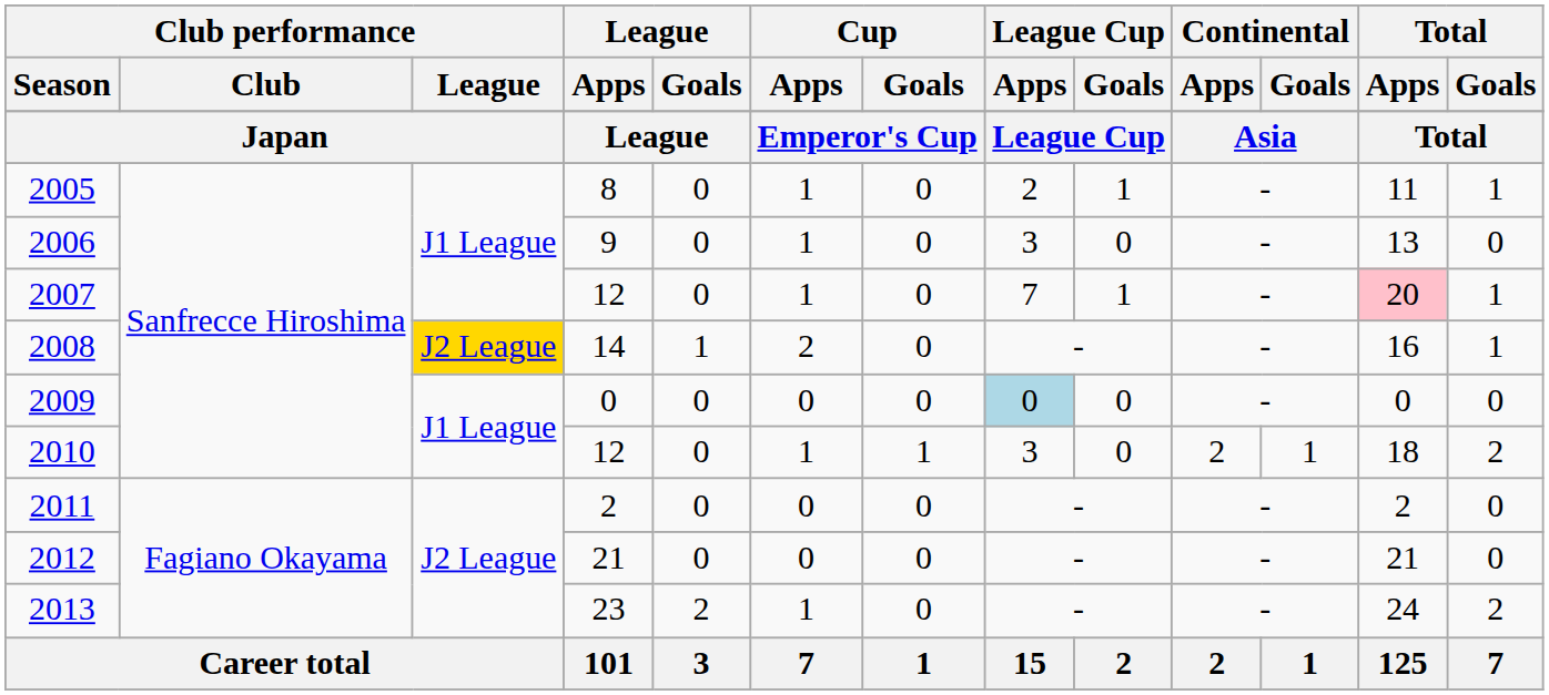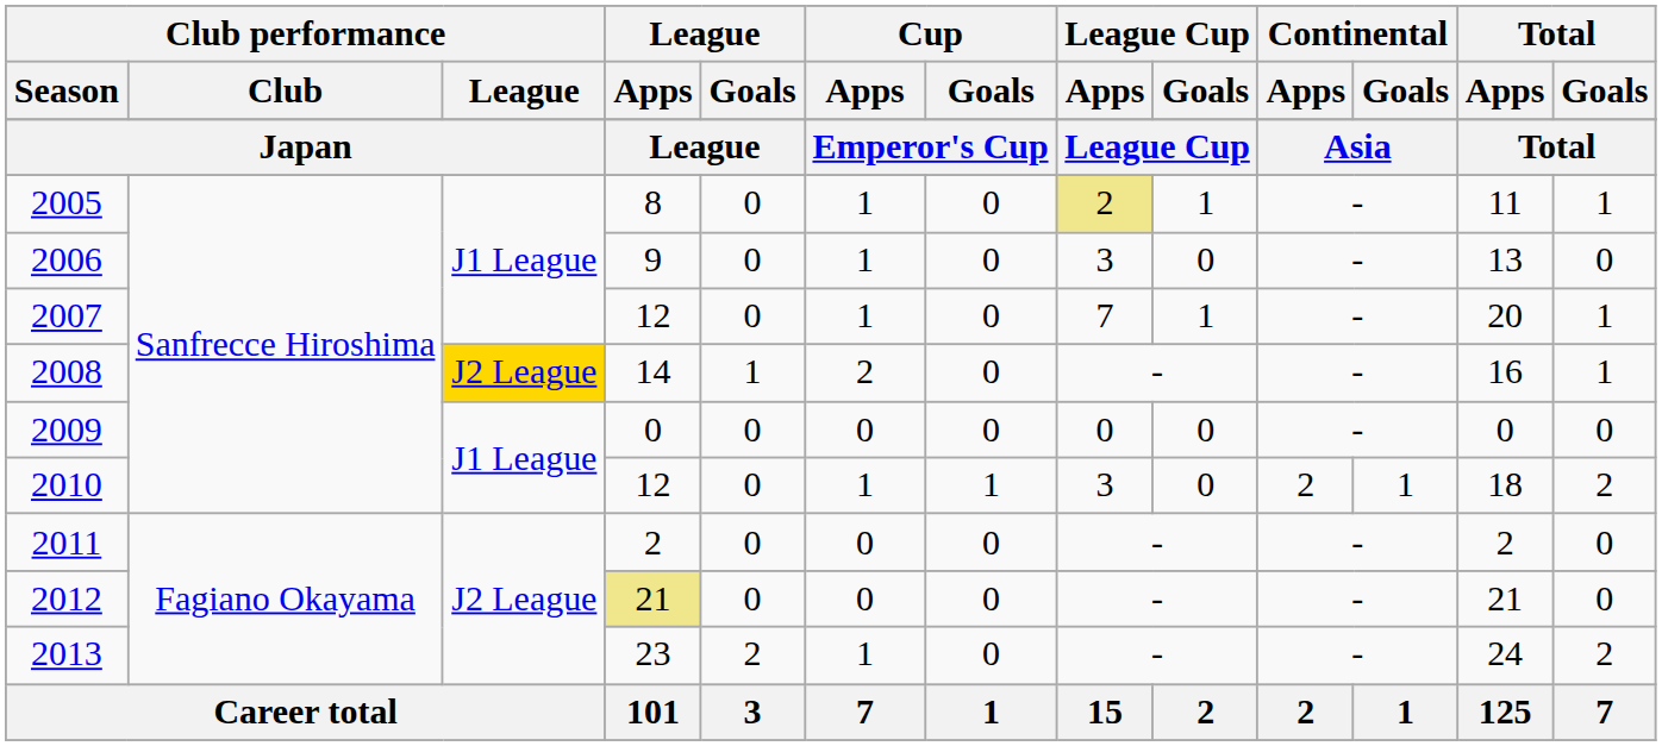 <table class="wikitable" style="text-align:center">
 <tr>
 <th colspan=3>Club performance</th>
 <th colspan=2>League</th>
 <th colspan=2>Cup</th>
 <th colspan=2>League Cup</th>
 <th colspan=2>Continental</th>
 <th colspan=2>Total</th>
 </tr>
 <tr>
 <th>Season</th>
 <th>Club</th>
 <th>League</th>
 <th>Apps</th>
 <th>Goals</th>
 <th>Apps</th>
 <th>Goals</th>
 <th>Apps</th>
 <th>Goals</th>
 <th>Apps</th>
 <th>Goals</th>
 <th>Apps</th>
 <th>Goals</th>
 </tr>
 <tr>
 </tr>
 <tr>
 <th colspan=3>Japan</th>
 <th colspan=2>League</th>
 <th colspan=2><a href='#'>Emperor's Cup</a></th>
 <th colspan=2><a href='#'>League Cup</a></th>
 <th colspan=2><a href='#'>Asia</a></th>
 <th colspan=2>Total</th>
 </tr>
 <tr>
 <td><a href='#'>2005</a></td>
 <td rowspan="6"><a href='#'>Sanfrecce Hiroshima</a></td>
 <td rowspan="3"><a href='#'>J1 League</a></td>
 <td>8</td>
 <td>0</td>
 <td>1</td>
 <td>0</td>
-<td>2</td>
+<td style="background: khaki;">2</td>
 <td>1</td>
 <td colspan="2">-</td>
 <td>11</td>
 <td>1</td>
 </tr>
 <tr>
 <td><a href='#'>2006</a></td>
 <td>9</td>
 <td>0</td>
 <td>1</td>
 <td>0</td>
 <td>3</td>
 <td>0</td>
 <td colspan="2">-</td>
 <td>13</td>
 <td>0</td>
 </tr>
 <tr>
 <td><a href='#'>2007</a></td>
 <td>12</td>
 <td>0</td>
 <td>1</td>
 <td>0</td>
 <td>7</td>
 <td>1</td>
 <td colspan="2">-</td>
-<td style="background: pink;">20</td>
+<td>20</td>
 <td>1</td>
 </tr>
 <tr>
 <td><a href='#'>2008</a></td>
 <td style="background: gold;"><a href='#'>J2 League</a></td>
 <td>14</td>
 <td>1</td>
 <td>2</td>
 <td>0</td>
 <td colspan="2">-</td>
 <td colspan="2">-</td>
 <td>16</td>
 <td>1</td>
 </tr>
 <tr>
 <td><a href='#'>2009</a></td>
 <td rowspan="2"><a href='#'>J1 League</a></td>
 <td>0</td>
 <td>0</td>
 <td>0</td>
 <td>0</td>
-<td style="background: lightblue;">0</td>
+<td>0</td>
 <td>0</td>
 <td colspan="2">-</td>
 <td>0</td>
 <td>0</td>
 </tr>
 <tr>
 <td><a href='#'>2010</a></td>
 <td>12</td>
 <td>0</td>
 <td>1</td>
 <td>1</td>
 <td>3</td>
 <td>0</td>
 <td>2</td>
 <td>1</td>
 <td>18</td>
 <td>2</td>
 </tr>
 <tr>
 <td><a href='#'>2011</a></td>
 <td rowspan="3"><a href='#'>Fagiano Okayama</a></td>
 <td rowspan="3"><a href='#'>J2 League</a></td>
 <td>2</td>
 <td>0</td>
 <td>0</td>
 <td>0</td>
 <td colspan="2">-</td>
 <td colspan="2">-</td>
 <td>2</td>
 <td>0</td>
 </tr>
 <tr>
 <td><a href='#'>2012</a></td>
-<td>21</td>
+<td style="background: khaki;">21</td>
 <td>0</td>
 <td>0</td>
 <td>0</td>
 <td colspan="2">-</td>
 <td colspan="2">-</td>
 <td>21</td>
 <td>0</td>
 </tr>
 <tr>
 <td><a href='#'>2013</a></td>
 <td>23</td>
 <td>2</td>
 <td>1</td>
 <td>0</td>
 <td colspan="2">-</td>
 <td colspan="2">-</td>
 <td>24</td>
 <td>2</td>
 </tr>
 <tr>
 <th colspan=3>Career total</th>
 <th>101</th>
 <th>3</th>
 <th>7</th>
 <th>1</th>
 <th>15</th>
 <th>2</th>
 <th>2</th>
 <th>1</th>
 <th>125</th>
 <th>7</th>
 </tr>
 </table>
